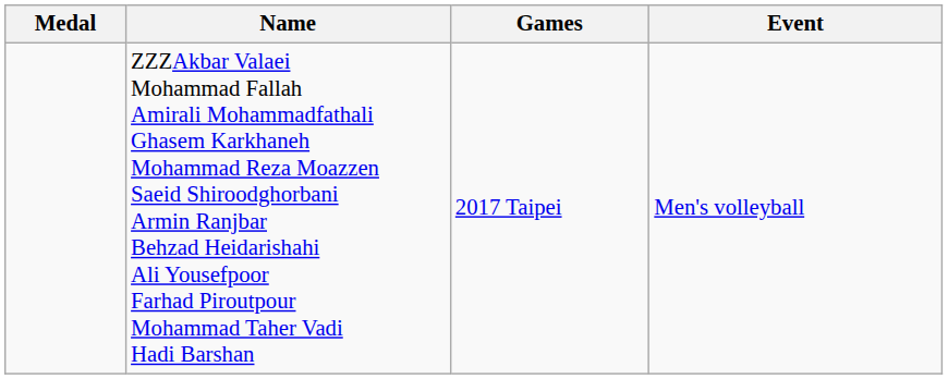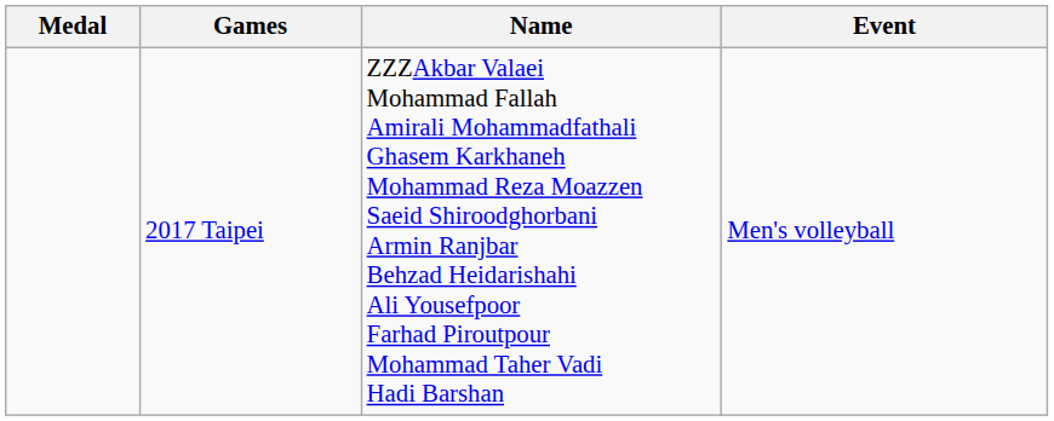 <table class="wikitable sortable" style="font-size:90%">
 <tr>
 <th width="70">Medal</th>
+<th width="120">Games</th>
 <th width="200">Name</th>
-<th width="120">Games</th>
 <th width="180">Event</th>
 </tr>
 <tr>
 <td></td>
+<td><a href='#'>2017 Taipei</a></td>
 <td><span>ZZZ</span><a href='#'>Akbar Valaei</a><br>Mohammad Fallah<br><a href='#'>Amirali Mohammadfathali</a><br><a href='#'>Ghasem Karkhaneh</a><br><a href='#'>Mohammad Reza Moazzen</a><br><a href='#'>Saeid Shiroodghorbani</a><br><a href='#'>Armin Ranjbar</a><br><a href='#'>Behzad Heidarishahi</a><br><a href='#'>Ali Yousefpoor</a><br><a href='#'>Farhad Piroutpour</a><br><a href='#'>Mohammad Taher Vadi</a><br><a href='#'>Hadi Barshan</a></td>
-<td><a href='#'>2017 Taipei</a></td>
 <td><a href='#'>Men's volleyball</a></td>
 </tr>
 </table>
